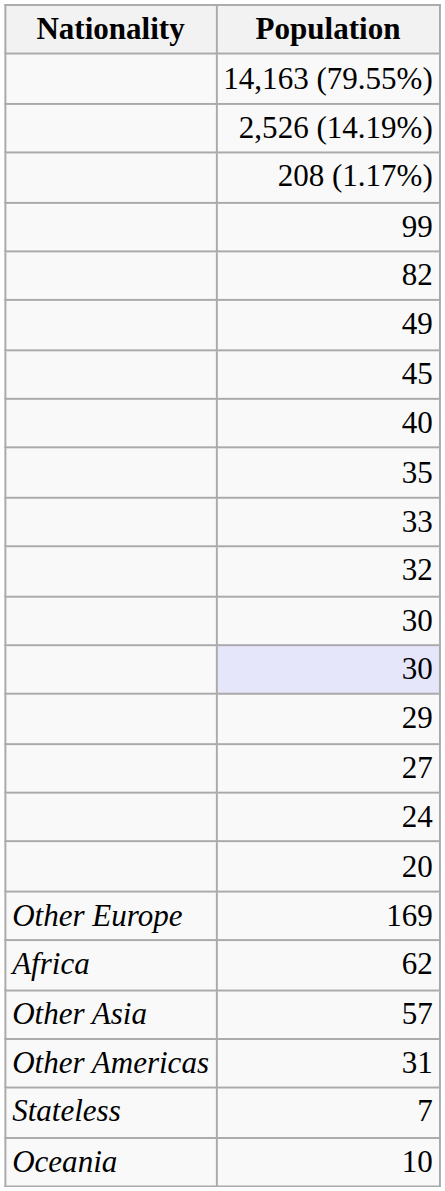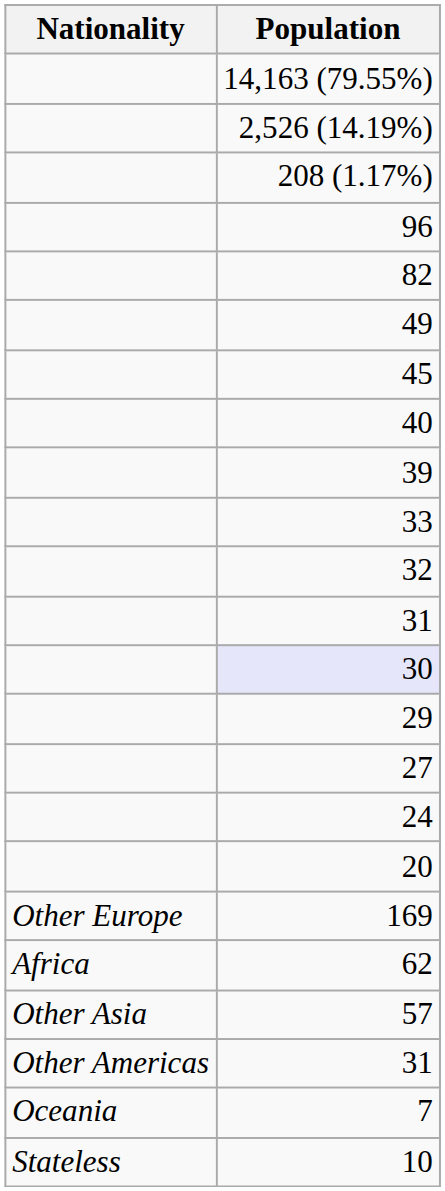 <table class="wikitable floatright" style="float:right;">
 <tr>
 <th>Nationality</th>
 <th>Population</th>
 </tr>
 <tr>
 <td></td>
 <td style="text-align:right;">14,163 (79.55%)</td>
 </tr>
 <tr>
 <td></td>
 <td style="text-align:right;">2,526 (14.19%)</td>
 </tr>
 <tr>
 <td></td>
 <td style="text-align:right;">208 (1.17%)</td>
 </tr>
 <tr>
 <td></td>
-<td style="text-align:right;">99</td>
+<td style="text-align:right;">96</td>
 </tr>
 <tr>
 <td></td>
 <td style="text-align:right;">82</td>
 </tr>
 <tr>
 <td></td>
 <td style="text-align:right;">49</td>
 </tr>
 <tr>
 <td></td>
 <td style="text-align:right;">45</td>
 </tr>
 <tr>
 <td></td>
 <td style="text-align:right;">40</td>
 </tr>
 <tr>
 <td></td>
-<td style="text-align:right;">35</td>
+<td style="text-align:right;">39</td>
 </tr>
 <tr>
 <td></td>
 <td style="text-align:right;">33</td>
 </tr>
 <tr>
 <td></td>
 <td style="text-align:right;">32</td>
 </tr>
 <tr>
 <td></td>
-<td style="text-align:right;">30</td>
+<td style="text-align:right;">31</td>
 </tr>
 <tr>
 <td></td>
 <td style="background: lavender; text-align:right;">30</td>
 </tr>
 <tr>
 <td></td>
 <td style="text-align:right;">29</td>
 </tr>
 <tr>
 <td></td>
 <td style="text-align:right;">27</td>
 </tr>
 <tr>
 <td></td>
 <td style="text-align:right;">24</td>
 </tr>
 <tr>
 <td></td>
 <td style="text-align:right;">20</td>
 </tr>
 <tr>
 <td><em>Other Europe</em></td>
 <td style="text-align:right;">169</td>
 </tr>
 <tr>
 <td><em>Africa</em></td>
 <td style="text-align:right;">62</td>
 </tr>
 <tr>
 <td><em>Other Asia</em></td>
 <td style="text-align:right;">57</td>
 </tr>
 <tr>
 <td><em>Other Americas</em></td>
 <td style="text-align:right;">31</td>
 </tr>
 <tr>
-<td><em>Stateless</em></td>
+<td><em>Oceania</em></td>
 <td style="text-align:right;">7</td>
 </tr>
 <tr>
-<td><em>Oceania</em></td>
+<td><em>Stateless</em></td>
 <td style="text-align:right;">10</td>
 </tr>
 </table>
